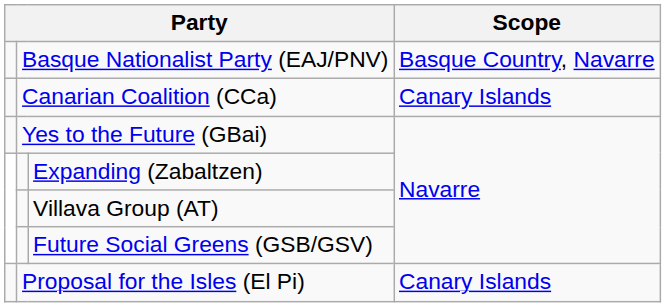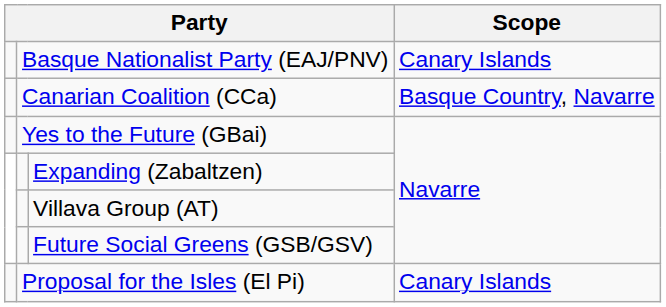 <table class="wikitable" style="text-align:left; font-size:97%;">
 <tr>
 <th colspan="3">Party</th>
 <th>Scope</th>
 </tr>
 <tr>
 <td width="1"></td>
 <td colspan="2"><a href='#'>Basque Nationalist Party</a> (EAJ/PNV)</td>
-<td><a href='#'>Basque Country</a>, <a href='#'>Navarre</a></td>
+<td><a href='#'>Canary Islands</a></td>
 </tr>
 <tr>
 <td width="1"></td>
 <td colspan="2"><a href='#'>Canarian Coalition</a> (CCa)</td>
-<td><a href='#'>Canary Islands</a></td>
+<td><a href='#'>Basque Country</a>, <a href='#'>Navarre</a></td>
 </tr>
 <tr>
 <td></td>
 <td colspan="2"><a href='#'>Yes to the Future</a> (GBai)</td>
 <td rowspan="4"><a href='#'>Navarre</a></td>
 </tr>
 <tr>
 <td rowspan="3" bgcolor="white"></td>
 <td></td>
 <td><a href='#'>Expanding</a> (Zabaltzen)</td>
 </tr>
 <tr>
 <td></td>
 <td>Villava Group (AT)</td>
 </tr>
 <tr>
 <td></td>
 <td><a href='#'>Future Social Greens</a> (GSB/GSV)</td>
 </tr>
 <tr>
 <td></td>
 <td colspan="2"><a href='#'>Proposal for the Isles</a> (El Pi)</td>
 <td><a href='#'>Canary Islands</a></td>
 </tr>
 </table>
